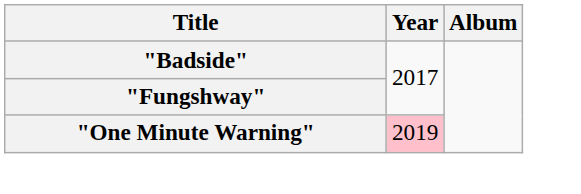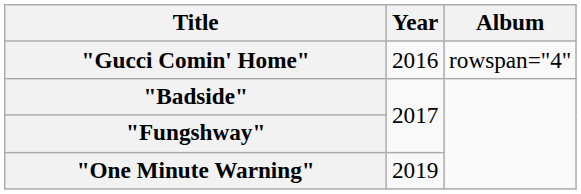 <table class="wikitable plainrowheaders" style="text-align:center;">
 <tr>
 <th scope="col" style="width:16em;">Title</th>
 <th scope="col">Year</th>
 <th scope="col">Album</th>
+</tr>
+<tr>
+<th scope="row">"Gucci Comin' Home"</th>
+<td>2016</td>
+<td>rowspan="4" </td>
 </tr>
 <tr>
 <th scope="row">"Badside"</th>
 <td rowspan="2">2017</td>
 </tr>
 <tr>
 <th scope="row">"Fungshway"</th>
 </tr>
 <tr>
 <th scope="row">"One Minute Warning"</th>
-<td style="background: pink;">2019</td>
+<td>2019</td>
 </tr>
 </table>
